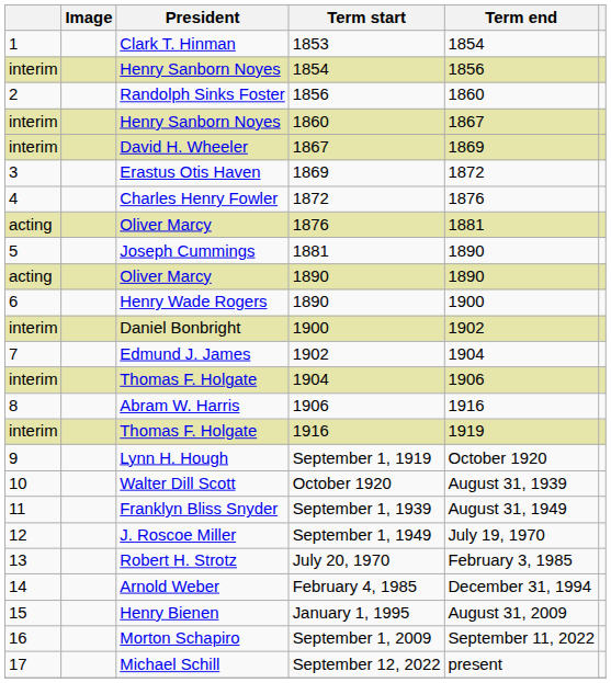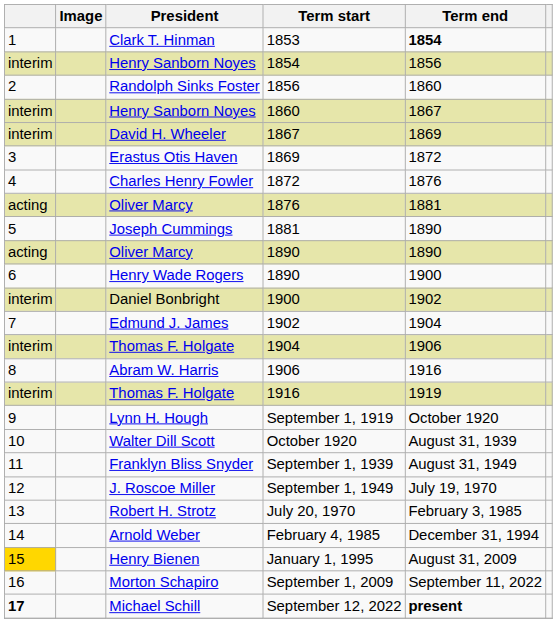 <table class="wikitable">
 <tr>
 <th></th>
 <th>Image</th>
 <th>President</th>
 <th>Term start</th>
 <th>Term end</th>
 <th></th>
 </tr>
 <tr>
 <td>1</td>
 <td></td>
 <td><a href='#'>Clark T. Hinman</a></td>
 <td>1853</td>
-<td>1854</td>
+<td><strong>1854</strong></td>
 <td></td>
 </tr>
 <tr bgcolor="#e6e6aa">
 <td>interim</td>
 <td></td>
 <td><a href='#'>Henry Sanborn Noyes</a></td>
 <td>1854</td>
 <td>1856</td>
 <td></td>
 </tr>
 <tr>
 <td>2</td>
 <td></td>
 <td><a href='#'>Randolph Sinks Foster</a></td>
 <td>1856</td>
 <td>1860</td>
 <td></td>
 </tr>
 <tr bgcolor="#e6e6aa">
 <td>interim</td>
 <td></td>
 <td><a href='#'>Henry Sanborn Noyes</a></td>
 <td>1860</td>
 <td>1867</td>
 <td></td>
 </tr>
 <tr bgcolor="#e6e6aa">
 <td>interim</td>
 <td></td>
 <td><a href='#'>David H. Wheeler</a></td>
 <td>1867</td>
 <td>1869</td>
 <td></td>
 </tr>
 <tr>
 <td>3</td>
 <td></td>
 <td><a href='#'>Erastus Otis Haven</a></td>
 <td>1869</td>
 <td>1872</td>
 <td></td>
 </tr>
 <tr>
 <td>4</td>
 <td></td>
 <td><a href='#'>Charles Henry Fowler</a></td>
 <td>1872</td>
 <td>1876</td>
 <td></td>
 </tr>
 <tr bgcolor="#e6e6aa">
 <td>acting</td>
 <td></td>
 <td><a href='#'>Oliver Marcy</a></td>
 <td>1876</td>
 <td>1881</td>
 <td></td>
 </tr>
 <tr>
 <td>5</td>
 <td></td>
 <td><a href='#'>Joseph Cummings</a></td>
 <td>1881</td>
 <td>1890</td>
 <td></td>
 </tr>
 <tr bgcolor="#e6e6aa">
 <td>acting</td>
 <td></td>
 <td><a href='#'>Oliver Marcy</a></td>
 <td>1890</td>
 <td>1890</td>
 <td></td>
 </tr>
 <tr>
 <td>6</td>
 <td></td>
 <td><a href='#'>Henry Wade Rogers</a></td>
 <td>1890</td>
 <td>1900</td>
 <td></td>
 </tr>
 <tr bgcolor="#e6e6aa">
 <td>interim</td>
 <td></td>
 <td>Daniel Bonbright</td>
 <td>1900</td>
 <td>1902</td>
 <td></td>
 </tr>
 <tr>
 <td>7</td>
 <td></td>
 <td><a href='#'>Edmund J. James</a></td>
 <td>1902</td>
 <td>1904</td>
 <td></td>
 </tr>
 <tr bgcolor="#e6e6aa">
 <td>interim</td>
 <td></td>
 <td><a href='#'>Thomas F. Holgate</a></td>
 <td>1904</td>
 <td>1906</td>
 <td></td>
 </tr>
 <tr>
 <td>8</td>
 <td></td>
 <td><a href='#'>Abram W. Harris</a></td>
 <td>1906</td>
 <td>1916</td>
 <td></td>
 </tr>
 <tr bgcolor="#e6e6aa">
 <td>interim</td>
 <td></td>
 <td><a href='#'>Thomas F. Holgate</a></td>
 <td>1916</td>
 <td>1919</td>
 <td></td>
 </tr>
 <tr>
 <td>9</td>
 <td></td>
 <td><a href='#'>Lynn H. Hough</a></td>
 <td>September 1, 1919</td>
 <td>October 1920</td>
 <td></td>
 </tr>
 <tr>
 <td>10</td>
 <td></td>
 <td><a href='#'>Walter Dill Scott</a></td>
 <td>October 1920</td>
 <td>August 31, 1939</td>
 <td></td>
 </tr>
 <tr>
 <td>11</td>
 <td></td>
 <td><a href='#'>Franklyn Bliss Snyder</a></td>
 <td>September 1, 1939</td>
 <td>August 31, 1949</td>
 <td></td>
 </tr>
 <tr>
 <td>12</td>
 <td></td>
 <td><a href='#'>J. Roscoe Miller</a></td>
 <td>September 1, 1949</td>
 <td>July 19, 1970</td>
 <td></td>
 </tr>
 <tr>
 <td>13</td>
 <td></td>
 <td><a href='#'>Robert H. Strotz</a></td>
 <td>July 20, 1970</td>
 <td>February 3, 1985</td>
 <td></td>
 </tr>
 <tr>
 <td>14</td>
 <td></td>
 <td><a href='#'>Arnold Weber</a></td>
 <td>February 4, 1985</td>
 <td>December 31, 1994</td>
 <td></td>
 </tr>
 <tr>
-<td>15</td>
+<td style="background: gold;">15</td>
 <td></td>
 <td><a href='#'>Henry Bienen</a></td>
 <td>January 1, 1995</td>
 <td>August 31, 2009</td>
 <td></td>
 </tr>
 <tr>
 <td>16</td>
 <td></td>
 <td><a href='#'>Morton Schapiro</a></td>
 <td>September 1, 2009</td>
 <td>September 11, 2022</td>
 <td></td>
 </tr>
 <tr>
-<td>17</td>
+<td><strong>17</strong></td>
 <td></td>
 <td><a href='#'>Michael Schill</a></td>
 <td>September 12, 2022</td>
-<td>present</td>
+<td><strong>present</strong></td>
 <td></td>
 </tr>
 <tr>
 </tr>
 </table>
